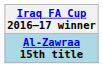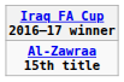 <table class="wikitable" style="text-align: center; margin: 0 auto;">
 <tr>
 <th><a href='#'>Iraq FA Cup</a><br>2016–17 winner</th>
 </tr>
 <tr>
-<td style="background: lightblue;"><strong><a href='#'>Al-Zawraa</a></strong><br><strong>15th title</strong></td>
+<td><strong><a href='#'>Al-Zawraa</a></strong><br><strong>15th title</strong></td>
 </tr>
 </table>
